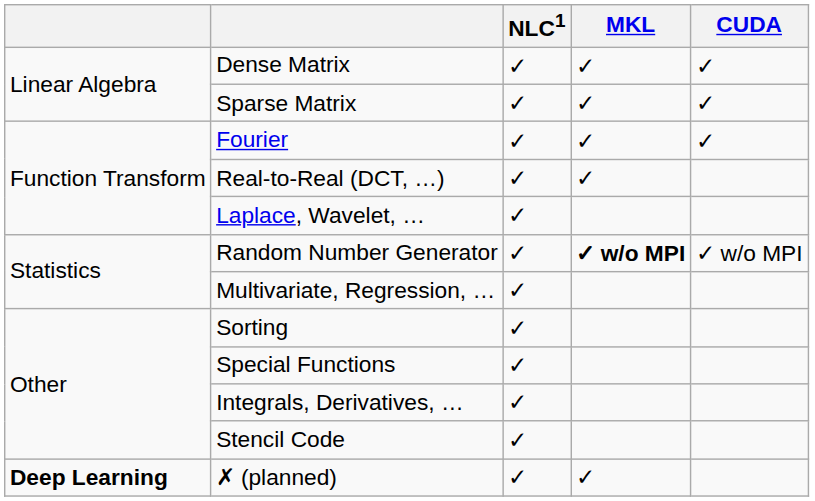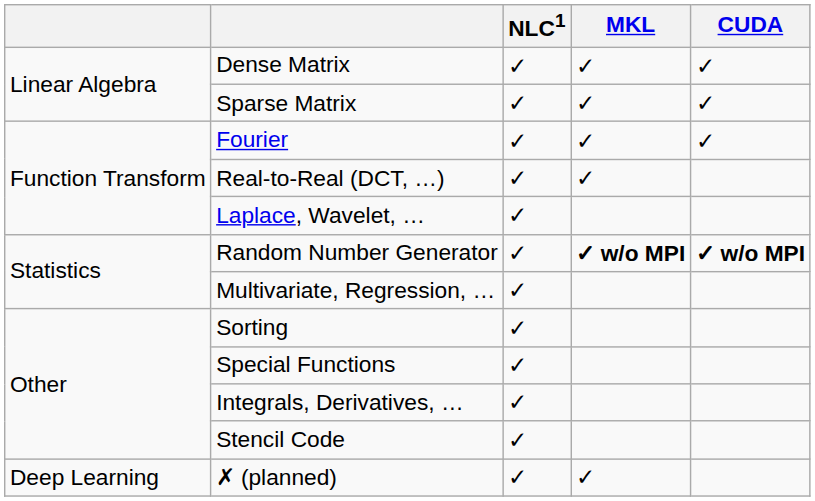 <table class="wikitable">
 <tr>
 <th></th>
 <th></th>
 <th>NLC<sup>1</sup></th>
 <th><a href='#'>MKL</a></th>
 <th><a href='#'>CUDA</a></th>
 </tr>
 <tr>
 <td rowspan=2>Linear Algebra</td>
 <td>Dense Matrix</td>
 <td>✓</td>
 <td>✓</td>
 <td>✓</td>
 </tr>
 <tr>
 <td>Sparse Matrix</td>
 <td>✓</td>
 <td>✓</td>
 <td>✓</td>
 </tr>
 <tr>
 <td rowspan=3>Function Transform</td>
 <td><a href='#'>Fourier</a></td>
 <td>✓</td>
 <td>✓</td>
 <td>✓</td>
 </tr>
 <tr>
 <td>Real-to-Real (DCT, …)</td>
 <td>✓</td>
 <td>✓</td>
 <td></td>
 </tr>
 <tr>
 <td><a href='#'>Laplace</a>, Wavelet, …</td>
 <td>✓</td>
 <td></td>
 <td></td>
 </tr>
 <tr>
 <td rowspan=2>Statistics</td>
 <td>Random Number Generator</td>
 <td>✓</td>
 <td><strong>✓ w/o MPI</strong></td>
-<td>✓ w/o MPI</td>
+<td><strong>✓ w/o MPI</strong></td>
 </tr>
 <tr>
 <td>Multivariate, Regression, …</td>
 <td>✓</td>
 <td></td>
 <td></td>
 </tr>
 <tr>
 <td rowspan=4>Other</td>
 <td>Sorting</td>
 <td>✓</td>
 <td></td>
 <td></td>
 </tr>
 <tr>
 <td>Special Functions</td>
 <td>✓</td>
 <td></td>
 <td></td>
 </tr>
 <tr>
 <td>Integrals, Derivatives, …</td>
 <td>✓</td>
 <td></td>
 <td></td>
 </tr>
 <tr>
 <td>Stencil Code</td>
 <td>✓</td>
 <td></td>
 <td></td>
 </tr>
 <tr>
-<td><strong>Deep Learning</strong></td>
+<td>Deep Learning</td>
 <td>✗ (planned)</td>
 <td>✓</td>
 <td>✓</td>
 </tr>
 </table>
